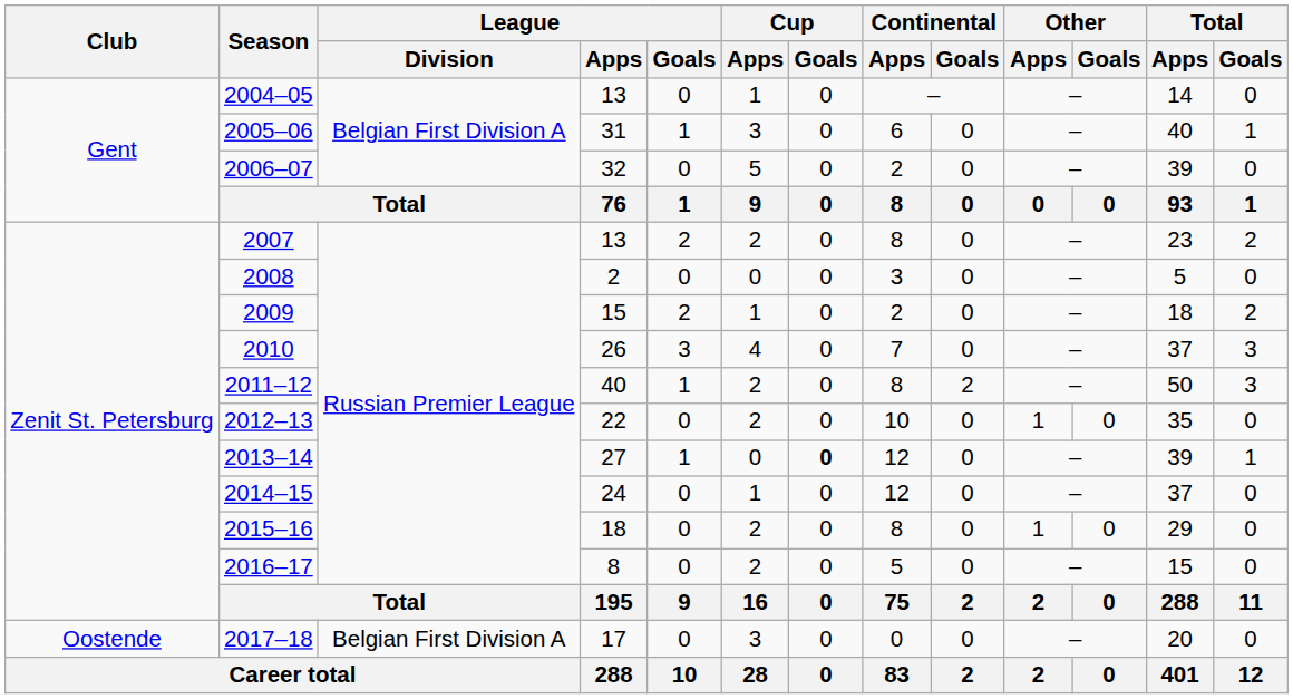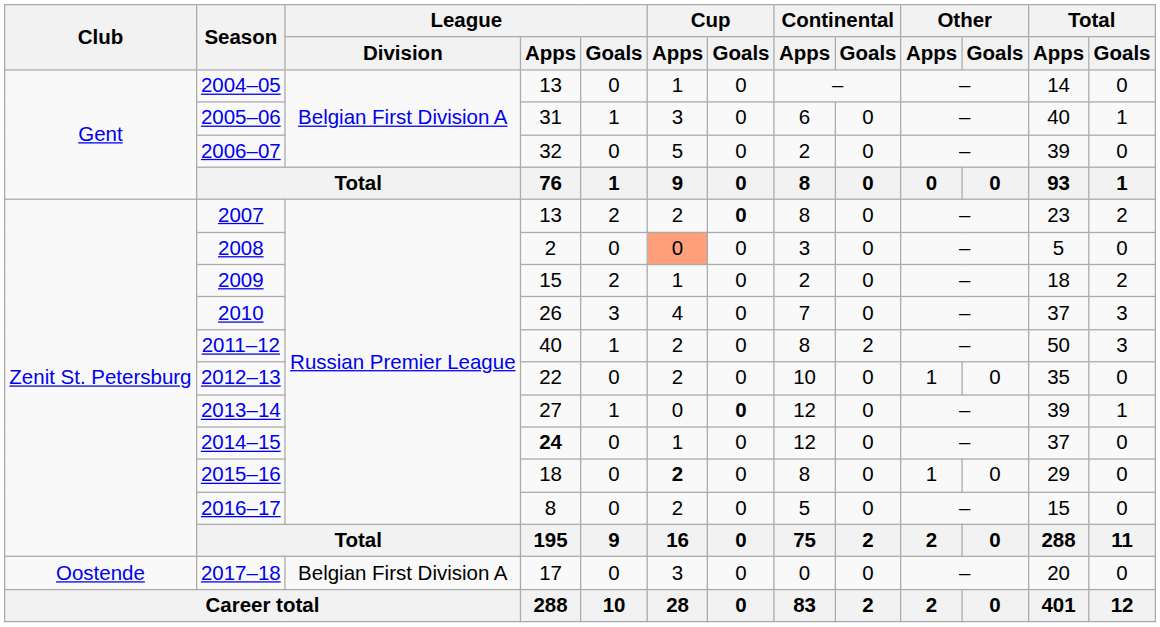 <table class="wikitable" style="text-align:center">
 <tr>
 <th rowspan="2">Club</th>
 <th rowspan="2">Season</th>
 <th colspan="3">League</th>
 <th colspan="2">Cup</th>
 <th colspan="2">Continental</th>
 <th colspan="2">Other</th>
 <th colspan="2">Total</th>
 </tr>
 <tr>
 <th>Division</th>
 <th>Apps</th>
 <th>Goals</th>
 <th>Apps</th>
 <th>Goals</th>
 <th>Apps</th>
 <th>Goals</th>
 <th>Apps</th>
 <th>Goals</th>
 <th>Apps</th>
 <th>Goals</th>
 </tr>
 <tr>
 <td rowspan="4"><a href='#'>Gent</a></td>
 <td><a href='#'>2004–05</a></td>
 <td rowspan="3"><a href='#'>Belgian First Division A</a></td>
 <td>13</td>
 <td>0</td>
 <td>1</td>
 <td>0</td>
 <td colspan="2">–</td>
 <td colspan="2">–</td>
 <td>14</td>
 <td>0</td>
 </tr>
 <tr>
 <td><a href='#'>2005–06</a></td>
 <td>31</td>
 <td>1</td>
 <td>3</td>
 <td>0</td>
 <td>6</td>
 <td>0</td>
 <td colspan="2">–</td>
 <td>40</td>
 <td>1</td>
 </tr>
 <tr>
 <td><a href='#'>2006–07</a></td>
 <td>32</td>
 <td>0</td>
 <td>5</td>
 <td>0</td>
 <td>2</td>
 <td>0</td>
 <td colspan="2">–</td>
 <td>39</td>
 <td>0</td>
 </tr>
 <tr>
 <th colspan="2">Total</th>
 <th>76</th>
 <th>1</th>
 <th>9</th>
 <th>0</th>
 <th>8</th>
 <th>0</th>
 <th>0</th>
 <th>0</th>
 <th>93</th>
 <th>1</th>
 </tr>
 <tr>
 <td rowspan="11"><a href='#'>Zenit St. Petersburg</a></td>
 <td><a href='#'>2007</a></td>
 <td rowspan="10"><a href='#'>Russian Premier League</a></td>
 <td>13</td>
 <td>2</td>
 <td>2</td>
-<td>0</td>
+<td><strong>0</strong></td>
 <td>8</td>
 <td>0</td>
 <td colspan="2">–</td>
 <td>23</td>
 <td>2</td>
 </tr>
 <tr>
 <td><a href='#'>2008</a></td>
 <td>2</td>
 <td>0</td>
-<td>0</td>
+<td style="background: lightsalmon;">0</td>
 <td>0</td>
 <td>3</td>
 <td>0</td>
 <td colspan="2">–</td>
 <td>5</td>
 <td>0</td>
 </tr>
 <tr>
 <td><a href='#'>2009</a></td>
 <td>15</td>
 <td>2</td>
 <td>1</td>
 <td>0</td>
 <td>2</td>
 <td>0</td>
 <td colspan="2">–</td>
 <td>18</td>
 <td>2</td>
 </tr>
 <tr>
 <td><a href='#'>2010</a></td>
 <td>26</td>
 <td>3</td>
 <td>4</td>
 <td>0</td>
 <td>7</td>
 <td>0</td>
 <td colspan="2">–</td>
 <td>37</td>
 <td>3</td>
 </tr>
 <tr>
 <td><a href='#'>2011–12</a></td>
 <td>40</td>
 <td>1</td>
 <td>2</td>
 <td>0</td>
 <td>8</td>
 <td>2</td>
 <td colspan="2">–</td>
 <td>50</td>
 <td>3</td>
 </tr>
 <tr>
 <td><a href='#'>2012–13</a></td>
 <td>22</td>
 <td>0</td>
 <td>2</td>
 <td>0</td>
 <td>10</td>
 <td>0</td>
 <td>1</td>
 <td>0</td>
 <td>35</td>
 <td>0</td>
 </tr>
 <tr>
 <td><a href='#'>2013–14</a></td>
 <td>27</td>
 <td>1</td>
 <td>0</td>
 <td><strong>0</strong></td>
 <td>12</td>
 <td>0</td>
 <td colspan="2">–</td>
 <td>39</td>
 <td>1</td>
 </tr>
 <tr>
 <td><a href='#'>2014–15</a></td>
-<td>24</td>
+<td><strong>24</strong></td>
 <td>0</td>
 <td>1</td>
 <td>0</td>
 <td>12</td>
 <td>0</td>
 <td colspan="2">–</td>
 <td>37</td>
 <td>0</td>
 </tr>
 <tr>
 <td><a href='#'>2015–16</a></td>
 <td>18</td>
 <td>0</td>
-<td>2</td>
+<td><strong>2</strong></td>
 <td>0</td>
 <td>8</td>
 <td>0</td>
 <td>1</td>
 <td>0</td>
 <td>29</td>
 <td>0</td>
 </tr>
 <tr>
 <td><a href='#'>2016–17</a></td>
 <td>8</td>
 <td>0</td>
 <td>2</td>
 <td>0</td>
 <td>5</td>
 <td>0</td>
 <td colspan="2">–</td>
 <td>15</td>
 <td>0</td>
 </tr>
 <tr>
 <th colspan="2">Total</th>
 <th>195</th>
 <th>9</th>
 <th>16</th>
 <th>0</th>
 <th>75</th>
 <th>2</th>
 <th>2</th>
 <th>0</th>
 <th>288</th>
 <th>11</th>
 </tr>
 <tr>
 <td><a href='#'>Oostende</a></td>
 <td><a href='#'>2017–18</a></td>
 <td>Belgian First Division A</td>
 <td>17</td>
 <td>0</td>
 <td>3</td>
 <td>0</td>
 <td>0</td>
 <td>0</td>
 <td colspan="2">–</td>
 <td>20</td>
 <td>0</td>
 </tr>
 <tr>
 <th colspan="3">Career total</th>
 <th>288</th>
 <th>10</th>
 <th>28</th>
 <th>0</th>
 <th>83</th>
 <th>2</th>
 <th>2</th>
 <th>0</th>
 <th>401</th>
 <th>12</th>
 </tr>
 </table>
